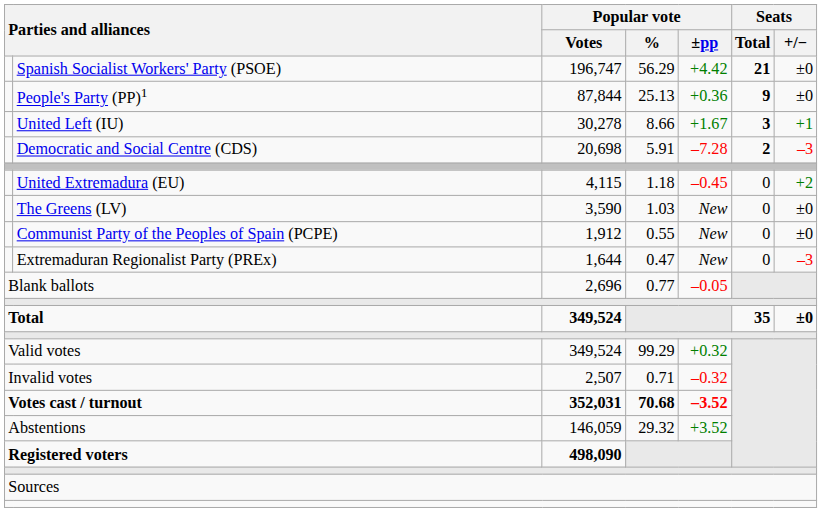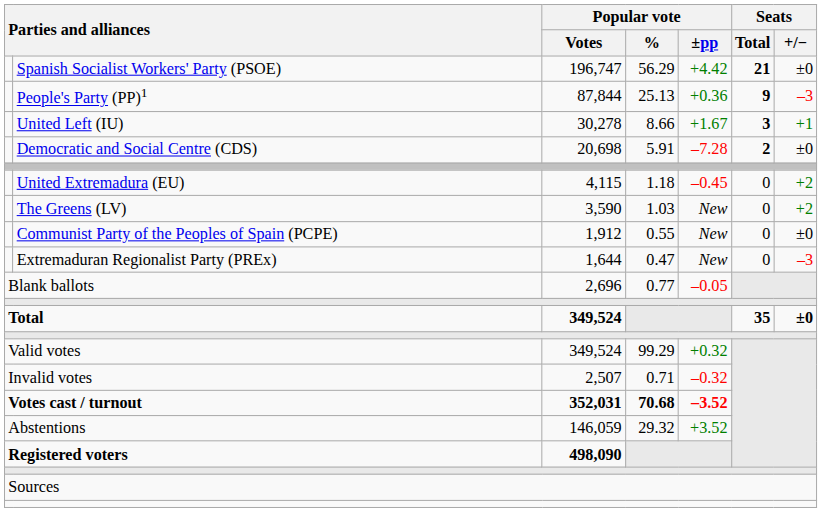 <table class="wikitable" style="text-align:right;">
 <tr>
 <th style="text-align:left;" rowspan="2" colspan="2" width="525">Parties and alliances</th>
 <th colspan="3">Popular vote</th>
 <th colspan="2">Seats</th>
 </tr>
 <tr>
 <th width="75">Votes</th>
 <th width="45">%</th>
 <th width="45">±<a href='#'>pp</a></th>
 <th width="35">Total</th>
 <th width="35">+/−</th>
 </tr>
 <tr>
 <td width="1" style="color:inherit;background:"></td>
 <td align="left"><a href='#'>Spanish Socialist Workers' Party</a> (PSOE)</td>
 <td>196,747</td>
 <td>56.29</td>
 <td style="color:green;">+4.42</td>
 <td><strong>21</strong></td>
 <td>±0</td>
 </tr>
 <tr>
 <td style="color:inherit;background:"></td>
 <td align="left"><a href='#'>People's Party</a> (PP)<sup>1</sup></td>
 <td>87,844</td>
 <td>25.13</td>
 <td style="color:green;">+0.36</td>
 <td><strong>9</strong></td>
-<td>±0</td>
+<td style="color:red;">–3</td>
 </tr>
 <tr>
 <td style="color:inherit;background:"></td>
 <td align="left"><a href='#'>United Left</a> (IU)</td>
 <td>30,278</td>
 <td>8.66</td>
 <td style="color:green;">+1.67</td>
 <td><strong>3</strong></td>
 <td style="color:green;">+1</td>
 </tr>
 <tr>
 <td style="color:inherit;background:"></td>
 <td align="left"><a href='#'>Democratic and Social Centre</a> (CDS)</td>
 <td>20,698</td>
 <td>5.91</td>
 <td style="color:red;">–7.28</td>
 <td><strong>2</strong></td>
-<td style="color:red;">–3</td>
+<td>±0</td>
 </tr>
 <tr>
 <td colspan="7" bgcolor="#C0C0C0"></td>
 </tr>
 <tr>
 <td style="color:inherit;background:"></td>
 <td align="left"><a href='#'>United Extremadura</a> (EU)</td>
 <td>4,115</td>
 <td>1.18</td>
 <td style="color:red;">–0.45</td>
 <td>0</td>
 <td style="color:green;">+2</td>
 </tr>
 <tr>
 <td style="color:inherit;background:"></td>
 <td align="left"><a href='#'>The Greens</a> (LV)</td>
 <td>3,590</td>
 <td>1.03</td>
 <td><em>New</em></td>
 <td>0</td>
-<td>±0</td>
+<td style="color:green;">+2</td>
 </tr>
 <tr>
 <td style="color:inherit;background:"></td>
 <td align="left"><a href='#'>Communist Party of the Peoples of Spain</a> (PCPE)</td>
 <td>1,912</td>
 <td>0.55</td>
 <td><em>New</em></td>
 <td>0</td>
 <td>±0</td>
 </tr>
 <tr>
 <td style="color:inherit;background:"></td>
 <td align="left">Extremaduran Regionalist Party (PREx)</td>
 <td>1,644</td>
 <td>0.47</td>
 <td><em>New</em></td>
 <td>0</td>
 <td style="color:red;">–3</td>
 </tr>
 <tr>
 <td align="left" colspan="2">Blank ballots</td>
 <td>2,696</td>
 <td>0.77</td>
 <td style="color:red;">–0.05</td>
 <td bgcolor="#E9E9E9" colspan="2"></td>
 </tr>
 <tr>
 <td colspan="7" bgcolor="#E9E9E9"></td>
 </tr>
 <tr style="font-weight:bold;">
 <td align="left" colspan="2">Total</td>
 <td>349,524</td>
 <td bgcolor="#E9E9E9" colspan="2"></td>
 <td>35</td>
 <td>±0</td>
 </tr>
 <tr>
 <td colspan="7" bgcolor="#E9E9E9"></td>
 </tr>
 <tr>
 <td align="left" colspan="2">Valid votes</td>
 <td>349,524</td>
 <td>99.29</td>
 <td style="color:green;">+0.32</td>
 <td bgcolor="#E9E9E9" colspan="2" rowspan="5"></td>
 </tr>
 <tr>
 <td align="left" colspan="2">Invalid votes</td>
 <td>2,507</td>
 <td>0.71</td>
 <td style="color:red;">–0.32</td>
 </tr>
 <tr style="font-weight:bold;">
 <td align="left" colspan="2">Votes cast / turnout</td>
 <td>352,031</td>
 <td>70.68</td>
 <td style="color:red;">–3.52</td>
 </tr>
 <tr>
 <td align="left" colspan="2">Abstentions</td>
 <td>146,059</td>
 <td>29.32</td>
 <td style="color:green;">+3.52</td>
 </tr>
 <tr style="font-weight:bold;">
 <td align="left" colspan="2">Registered voters</td>
 <td>498,090</td>
 <td bgcolor="#E9E9E9" colspan="2"></td>
 </tr>
 <tr>
 <td colspan="7" bgcolor="#E9E9E9"></td>
 </tr>
 <tr>
 <td align="left" colspan="7">Sources</td>
 </tr>
 <tr>
 <td colspan="7" style="text-align:left; max-width:790px;"></td>
 </tr>
 </table>
